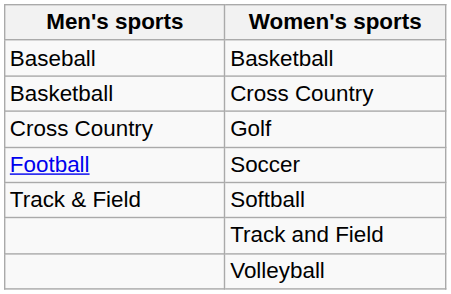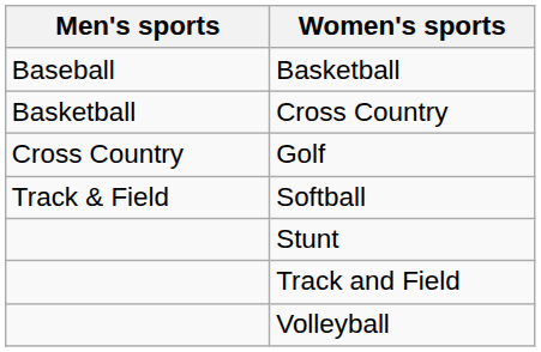 <table class="wikitable">
 <tr>
 <th width=150px>Men's sports</th>
 <th width=150px>Women's sports</th>
 </tr>
 <tr>
 <td>Baseball</td>
 <td>Basketball</td>
 </tr>
 <tr>
 <td>Basketball</td>
 <td>Cross Country</td>
 </tr>
 <tr>
 <td>Cross Country</td>
 <td>Golf</td>
 </tr>
 <tr>
-<td><a href='#'>Football</a></td>
-<td>Soccer</td>
+<td>Track & Field</td>
+<td>Softball</td>
 </tr>
 <tr>
-<td>Track & Field</td>
-<td>Softball</td>
+<td></td>
+<td>Stunt</td>
 </tr>
 <tr>
 <td></td>
 <td>Track and Field</td>
 </tr>
 <tr>
 <td></td>
 <td>Volleyball</td>
 </tr>
 </table>
